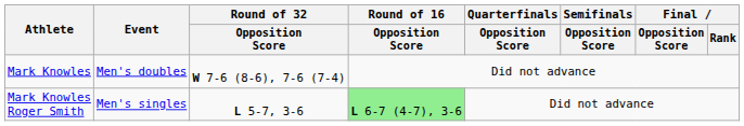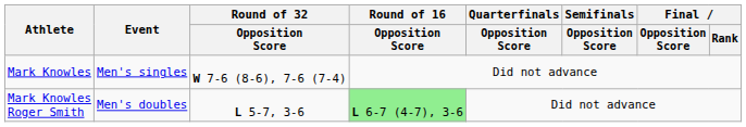 <table class=wikitable style="font-size:90%">
 <tr>
 <th rowspan="2">Athlete</th>
 <th rowspan="2">Event</th>
 <th>Round of 32</th>
 <th>Round of 16</th>
 <th>Quarterfinals</th>
 <th>Semifinals</th>
 <th colspan="2">Final / </th>
 </tr>
 <tr style="font-size:95%">
 <th>Opposition<br>Score</th>
 <th>Opposition<br>Score</th>
 <th>Opposition<br>Score</th>
 <th>Opposition<br>Score</th>
 <th>Opposition<br>Score</th>
 <th>Rank</th>
 </tr>
 <tr align=center>
 <td align=left><a href='#'>Mark Knowles</a></td>
-<td align=left><a href='#'>Men's doubles</a></td>
+<td align=left><a href='#'>Men's singles</a></td>
 <td><br><strong>W</strong> 7-6 (8-6), 7-6 (7-4)</td>
 <td colspan=5>Did not advance</td>
 </tr>
 <tr align=center>
 <td align=left><a href='#'>Mark Knowles</a><br><a href='#'>Roger Smith</a></td>
-<td align=left><a href='#'>Men's singles</a></td>
+<td align=left><a href='#'>Men's doubles</a></td>
 <td><br><strong>L</strong> 5-7, 3-6</td>
 <td style="background: lightgreen;"><br><strong>L</strong> 6-7 (4-7), 3-6</td>
 <td colspan=5>Did not advance</td>
 </tr>
 </table>
